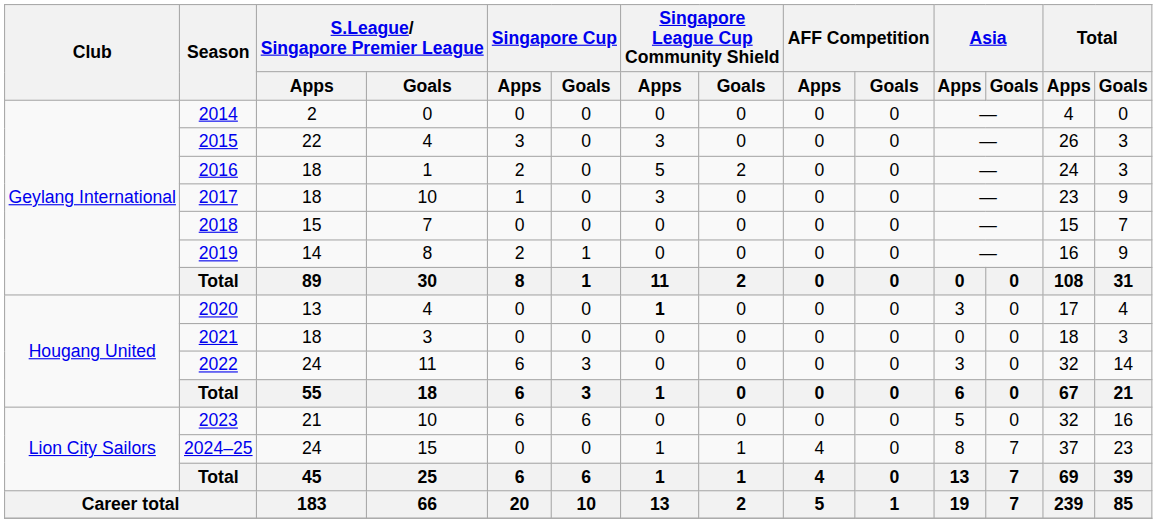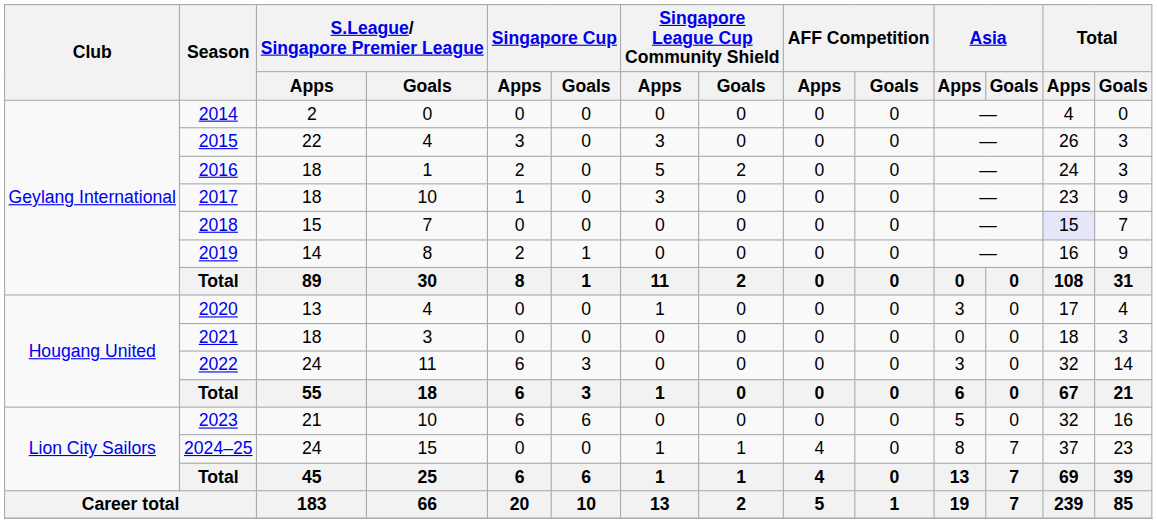 <table class="wikitable" style="text-align:center">
 <tr>
 <th rowspan="2">Club</th>
 <th rowspan="2">Season</th>
 <th colspan="2"><a href='#'>S.League</a>/ <br> <a href='#'>Singapore Premier League</a></th>
 <th colspan="2"><a href='#'>Singapore Cup</a></th>
 <th colspan="2"><a href='#'>Singapore<br>League Cup</a> <br> Community Shield</th>
 <th colspan="2">AFF Competition</th>
 <th colspan="2"><a href='#'>Asia</a></th>
 <th colspan="2">Total</th>
 </tr>
 <tr>
 <th>Apps</th>
 <th>Goals</th>
 <th>Apps</th>
 <th>Goals</th>
 <th>Apps</th>
 <th>Goals</th>
 <th>Apps</th>
 <th>Goals</th>
 <th>Apps</th>
 <th>Goals</th>
 <th>Apps</th>
 <th>Goals</th>
 </tr>
 <tr>
 <td rowspan="7"><a href='#'>Geylang International</a></td>
 <td><a href='#'>2014</a></td>
 <td>2</td>
 <td>0</td>
 <td>0</td>
 <td>0</td>
 <td>0</td>
 <td>0</td>
 <td>0</td>
 <td>0</td>
 <td colspan="2">—</td>
 <td>4</td>
 <td>0</td>
 </tr>
 <tr>
 <td><a href='#'>2015</a></td>
 <td>22</td>
 <td>4</td>
 <td>3</td>
 <td>0</td>
 <td>3</td>
 <td>0</td>
 <td>0</td>
 <td>0</td>
 <td colspan="2">—</td>
 <td>26</td>
 <td>3</td>
 </tr>
 <tr>
 <td><a href='#'>2016</a></td>
 <td>18</td>
 <td>1</td>
 <td>2</td>
 <td>0</td>
 <td>5</td>
 <td>2</td>
 <td>0</td>
 <td>0</td>
 <td colspan="2">—</td>
 <td>24</td>
 <td>3</td>
 </tr>
 <tr>
 <td><a href='#'>2017</a></td>
 <td>18</td>
 <td>10</td>
 <td>1</td>
 <td>0</td>
 <td>3</td>
 <td>0</td>
 <td>0</td>
 <td>0</td>
 <td colspan="2">—</td>
 <td>23</td>
 <td>9</td>
 </tr>
 <tr>
 <td><a href='#'>2018</a></td>
 <td>15</td>
 <td>7</td>
 <td>0</td>
 <td>0</td>
 <td>0</td>
 <td>0</td>
 <td>0</td>
 <td>0</td>
 <td colspan="2">—</td>
-<td>15</td>
+<td style="background: lavender;">15</td>
 <td>7</td>
 </tr>
 <tr>
 <td><a href='#'>2019</a></td>
 <td>14</td>
 <td>8</td>
 <td>2</td>
 <td>1</td>
 <td>0</td>
 <td>0</td>
 <td>0</td>
 <td>0</td>
 <td colspan="2">—</td>
 <td>16</td>
 <td>9</td>
 </tr>
 <tr>
 <th>Total</th>
 <th>89</th>
 <th>30</th>
 <th>8</th>
 <th>1</th>
 <th>11</th>
 <th>2</th>
 <th>0</th>
 <th>0</th>
 <th>0</th>
 <th>0</th>
 <th>108</th>
 <th>31</th>
 </tr>
 <tr>
 <td rowspan="4"><a href='#'>Hougang United</a></td>
 <td><a href='#'>2020</a></td>
 <td>13</td>
 <td>4</td>
 <td>0</td>
 <td>0</td>
-<td><strong>1</strong></td>
+<td>1</td>
 <td>0</td>
 <td>0</td>
 <td>0</td>
 <td>3</td>
 <td>0</td>
 <td>17</td>
 <td>4</td>
 </tr>
 <tr>
 <td><a href='#'>2021</a></td>
 <td>18</td>
 <td>3</td>
 <td>0</td>
 <td>0</td>
 <td>0</td>
 <td>0</td>
 <td>0</td>
 <td>0</td>
 <td>0</td>
 <td>0</td>
 <td>18</td>
 <td>3</td>
 </tr>
 <tr>
 <td><a href='#'>2022</a></td>
 <td>24</td>
 <td>11</td>
 <td>6</td>
 <td>3</td>
 <td>0</td>
 <td>0</td>
 <td>0</td>
 <td>0</td>
 <td>3</td>
 <td>0</td>
 <td>32</td>
 <td>14</td>
 </tr>
 <tr>
 <th>Total</th>
 <th>55</th>
 <th>18</th>
 <th>6</th>
 <th>3</th>
 <th>1</th>
 <th>0</th>
 <th>0</th>
 <th>0</th>
 <th>6</th>
 <th>0</th>
 <th>67</th>
 <th>21</th>
 </tr>
 <tr>
 <td rowspan="3"><a href='#'>Lion City Sailors</a></td>
 <td><a href='#'>2023</a></td>
 <td>21</td>
 <td>10</td>
 <td>6</td>
 <td>6</td>
 <td>0</td>
 <td>0</td>
 <td>0</td>
 <td>0</td>
 <td>5</td>
 <td>0</td>
 <td>32</td>
 <td>16</td>
 </tr>
 <tr>
 <td><a href='#'>2024–25</a></td>
 <td>24</td>
 <td>15</td>
 <td>0</td>
 <td>0</td>
 <td>1</td>
 <td>1</td>
 <td>4</td>
 <td>0</td>
 <td>8</td>
 <td>7</td>
 <td>37</td>
 <td>23</td>
 </tr>
 <tr>
 <th>Total</th>
 <th>45</th>
 <th>25</th>
 <th>6</th>
 <th>6</th>
 <th>1</th>
 <th>1</th>
 <th>4</th>
 <th>0</th>
 <th>13</th>
 <th>7</th>
 <th>69</th>
 <th>39</th>
 </tr>
 <tr>
 <th colspan="2">Career total</th>
 <th>183</th>
 <th>66</th>
 <th>20</th>
 <th>10</th>
 <th>13</th>
 <th>2</th>
 <th>5</th>
 <th>1</th>
 <th>19</th>
 <th>7</th>
 <th>239</th>
 <th>85</th>
 </tr>
 <tr>
 </tr>
 </table>
